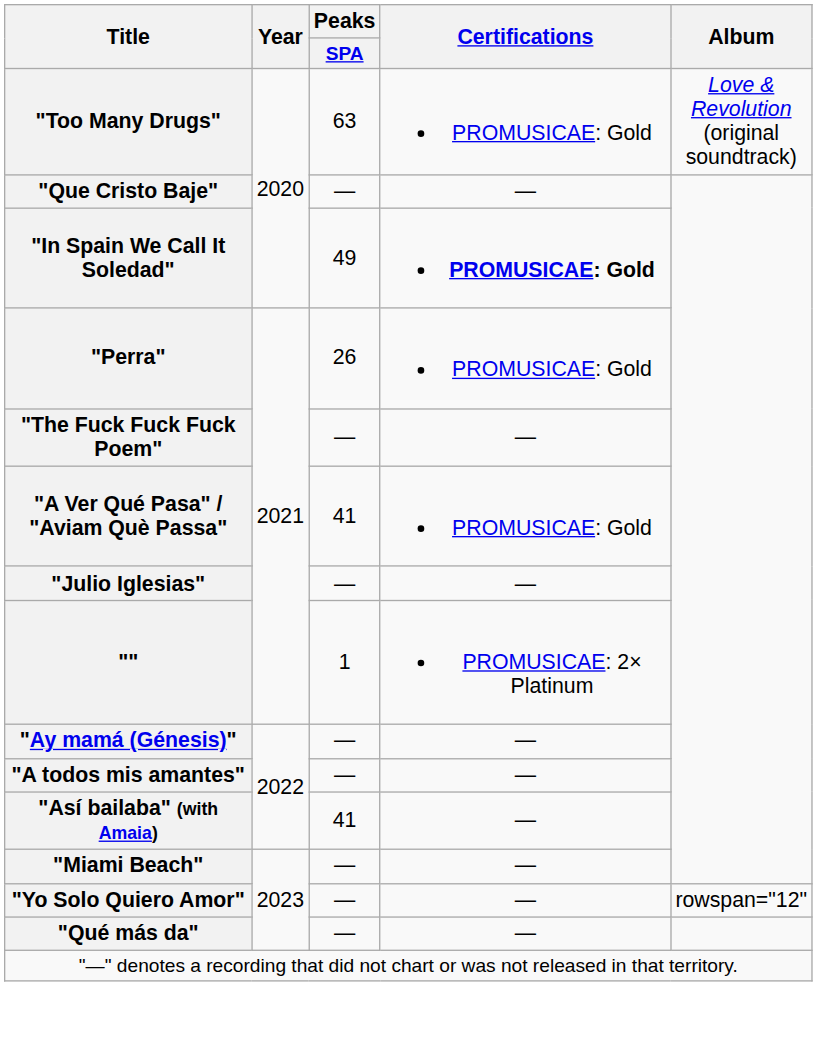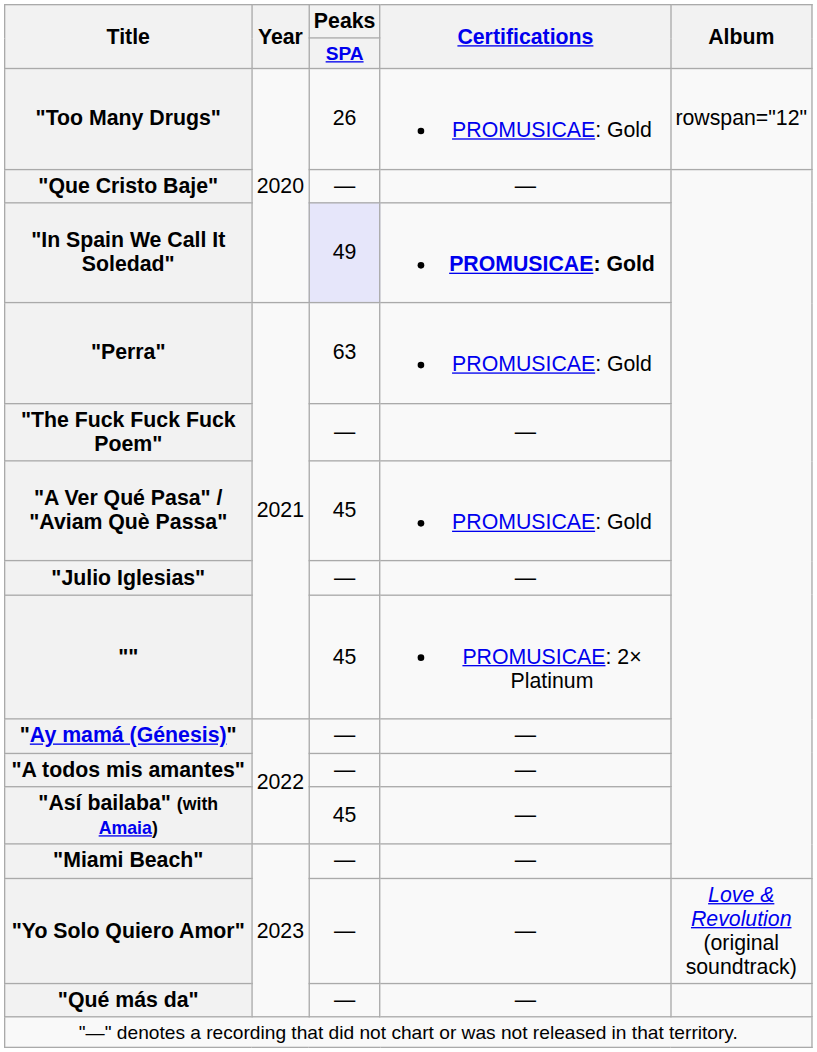 <table class="wikitable plainrowheaders" style="text-align:center;">
 <tr>
 <th scope="col" rowspan="2" style="width:16em;">Title</th>
 <th scope="col" rowspan="2">Year</th>
 <th scope="col">Peaks</th>
 <th scope="col" rowspan="2" style="width:16em;"><a href='#'>Certifications</a></th>
 <th scope="col" rowspan="2">Album</th>
 </tr>
 <tr>
 <th scope="col" style="width:3em;font-size:90%;"><a href='#'>SPA</a><br></th>
 </tr>
 <tr>
 <th scope="row">"Too Many Drugs"</th>
 <td rowspan="3">2020</td>
-<td>63</td>
+<td>26</td>
 <td><br><ul><li><a href='#'>PROMUSICAE</a>: Gold</li></ul></td>
-<td><em><a href='#'>Love & Revolution</a></em> (original soundtrack)</td>
+<td>rowspan="12" </td>
 </tr>
 <tr>
 <th scope="row">"Que Cristo Baje"</th>
 <td>—</td>
 <td>—</td>
 </tr>
 <tr>
 <th scope="row">"In Spain We Call It Soledad"</th>
-<td>49</td>
+<td style="background: lavender;">49</td>
 <td><strong><br><ul><li><a href='#'>PROMUSICAE</a>: Gold</li></ul></strong></td>
 </tr>
 <tr>
 <th scope="row">"Perra"</th>
 <td rowspan="5">2021</td>
-<td>26</td>
+<td>63</td>
 <td><br><ul><li><a href='#'>PROMUSICAE</a>: Gold</li></ul></td>
 </tr>
 <tr>
 <th scope="row">"The Fuck Fuck Fuck Poem"</th>
 <td>—</td>
 <td>—</td>
 </tr>
 <tr>
 <th scope="row">"A Ver Qué Pasa" / "Aviam Què Passa"</th>
-<td>41</td>
+<td>45</td>
 <td><br><ul><li><a href='#'>PROMUSICAE</a>: Gold</li></ul></td>
 </tr>
 <tr>
 <th scope="row">"Julio Iglesias"</th>
 <td>—</td>
 <td>—</td>
 </tr>
 <tr>
 <th scope="row">""</th>
-<td>1</td>
+<td>45</td>
 <td><br><ul><li><a href='#'>PROMUSICAE</a>: 2× Platinum</li></ul></td>
 </tr>
 <tr>
 <th scope="row">"<a href='#'>Ay mamá (Génesis)</a>"</th>
 <td rowspan="3">2022</td>
 <td>—</td>
 <td>—</td>
 </tr>
 <tr>
 <th scope="row">"A todos mis amantes"</th>
 <td>—</td>
 <td>—</td>
 </tr>
 <tr>
 <th scope="row">"Así bailaba" <small>(with <a href='#'>Amaia</a>)</small></th>
-<td>41</td>
+<td>45</td>
 <td>—</td>
 </tr>
 <tr>
 <th scope="row">"Miami Beach"</th>
 <td rowspan="3">2023</td>
 <td>—</td>
 <td>—</td>
 </tr>
 <tr>
 <th scope="row">"Yo Solo Quiero Amor"</th>
 <td>—</td>
 <td>—</td>
-<td>rowspan="12" </td>
+<td><em><a href='#'>Love & Revolution</a></em> (original soundtrack)</td>
 </tr>
 <tr>
 <th scope="row">"Qué más da" </th>
 <td>—</td>
 <td>—</td>
 <td></td>
 </tr>
 <tr>
 <td colspan="5" style="font-size:90%">"—" denotes a recording that did not chart or was not released in that territory.</td>
 </tr>
 </table>
